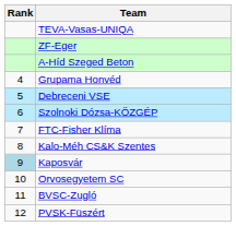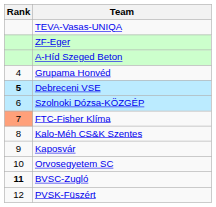 <table class="wikitable">
 <tr>
 <th width=40>Rank</th>
 <th width=290>Team</th>
 </tr>
 <tr>
 <td align="center"></td>
 <td align="left"> <a href='#'>TEVA-Vasas-UNIQA</a></td>
 </tr>
 <tr bgcolor=#ccffcc>
 <td align="center"></td>
 <td align="left"> <a href='#'>ZF-Eger</a></td>
 </tr>
 <tr bgcolor=#ccffcc>
 <td align="center"></td>
 <td align="left"> <a href='#'>A-Híd Szeged Beton</a></td>
 </tr>
 <tr>
 <td align="center">4</td>
 <td align="left"> <a href='#'>Grupama Honvéd</a></td>
 </tr>
 <tr bgcolor=#bbebff>
-<td align="center">5</td>
+<td align="center"><strong>5</strong></td>
 <td align="left"> <a href='#'>Debreceni VSE</a></td>
 </tr>
 <tr bgcolor=#bbebff>
 <td align="center">6</td>
 <td align="left"> <a href='#'>Szolnoki Dózsa-KÖZGÉP</a></td>
 </tr>
 <tr>
-<td align="center">7</td>
+<td align="center" style="background: lightsalmon;">7</td>
 <td align="left"> <a href='#'>FTC-Fisher Klíma</a></td>
 </tr>
 <tr>
 <td align="center">8</td>
 <td align="left"> <a href='#'>Kalo-Méh CS&K Szentes</a></td>
 </tr>
 <tr>
-<td align="center" style="background: lightblue;">9</td>
+<td align="center">9</td>
 <td align="left"> <a href='#'>Kaposvár</a></td>
 </tr>
 <tr>
 <td align="center">10</td>
 <td align="left"> <a href='#'>Orvosegyetem SC</a></td>
 </tr>
 <tr>
-<td align="center">11</td>
+<td align="center"><strong>11</strong></td>
 <td align="left"> <a href='#'>BVSC-Zugló</a></td>
 </tr>
 <tr>
 <td align="center">12</td>
 <td align="left"> <a href='#'>PVSK-Füszért</a></td>
 </tr>
 </table>
